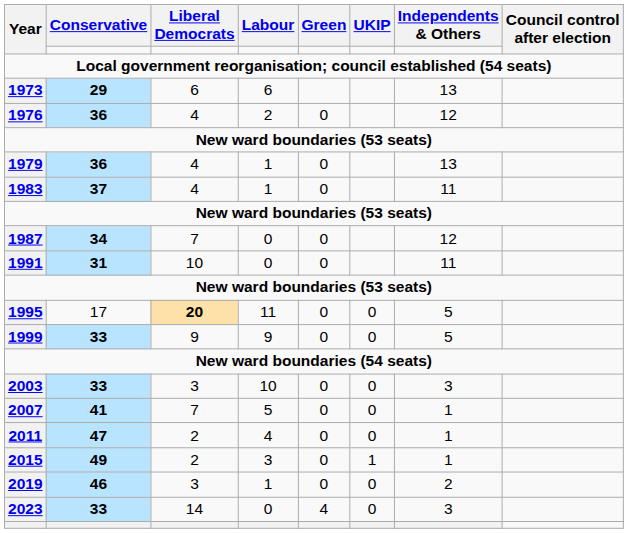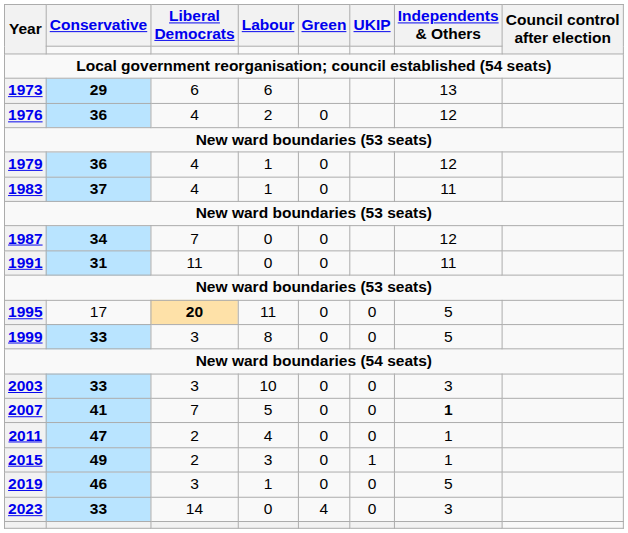 <table class="wikitable plainrowheaders" style="text-align:center">
 <tr>
 <th scope="col" rowspan="2">Year</th>
 <th scope="col"><a href='#'>Conservative</a></th>
 <th scope="col" style="width:1px"><a href='#'>Liberal Democrats</a></th>
 <th scope="col"><a href='#'>Labour</a></th>
 <th scope="col"><a href='#'>Green</a></th>
 <th scope="col"><a href='#'>UKIP</a></th>
 <th scope="col"><a href='#'>Independents</a><br>& Others</th>
 <th scope="col" rowspan="2" colspan="2">Council control<br>after election</th>
 </tr>
 <tr>
 <td style="background:"></td>
 <td style="background:"></td>
 <td style="background:"></td>
 <td style="background:"></td>
 <td style="background:"></td>
 <td style="background:"></td>
 </tr>
 <tr>
 <td colspan="9"><strong>Local government reorganisation; council established (54 seats)</strong></td>
 </tr>
 <tr>
 <th scope="row"><a href='#'>1973</a></th>
 <td style="background:#B9E4FF;"><strong>29</strong></td>
 <td>6</td>
 <td>6</td>
 <td></td>
 <td></td>
 <td>13</td>
 <td></td>
 </tr>
 <tr>
 <th scope="row"><a href='#'>1976</a></th>
 <td style="background:#B9E4FF;"><strong>36</strong></td>
 <td>4</td>
 <td>2</td>
 <td>0</td>
 <td></td>
 <td>12</td>
 <td></td>
 </tr>
 <tr>
 <td colspan="9"><strong>New ward boundaries (53 seats)</strong></td>
 </tr>
 <tr>
 <th scope="row"><a href='#'>1979</a></th>
 <td style="background:#B9E4FF;"><strong>36</strong></td>
 <td>4</td>
 <td>1</td>
 <td>0</td>
 <td></td>
-<td>13</td>
+<td>12</td>
 <td></td>
 </tr>
 <tr>
 <th scope="row"><a href='#'>1983</a></th>
 <td style="background:#B9E4FF;"><strong>37</strong></td>
 <td>4</td>
 <td>1</td>
 <td>0</td>
 <td></td>
 <td>11</td>
 <td></td>
 </tr>
 <tr>
 <td colspan="9"><strong>New ward boundaries (53 seats)</strong></td>
 </tr>
 <tr>
 <th scope="row"><a href='#'>1987</a></th>
 <td style="background:#B9E4FF;"><strong>34</strong></td>
 <td>7</td>
 <td>0</td>
 <td>0</td>
 <td></td>
 <td>12</td>
 <td></td>
 </tr>
 <tr>
 <th scope="row"><a href='#'>1991</a></th>
 <td style="background:#B9E4FF;"><strong>31</strong></td>
-<td>10</td>
+<td>11</td>
 <td>0</td>
 <td>0</td>
 <td></td>
 <td>11</td>
 <td></td>
 </tr>
 <tr>
 <td colspan="9"><strong>New ward boundaries (53 seats)</strong></td>
 </tr>
 <tr>
 <th scope="row"><a href='#'>1995</a></th>
 <td>17</td>
 <td style="background:#FEE1A8"><strong>20</strong></td>
 <td>11</td>
 <td>0</td>
 <td>0</td>
 <td>5</td>
 <td></td>
 </tr>
 <tr>
 <th scope="row"><a href='#'>1999</a></th>
 <td style="background:#B9E4FF;"><strong>33</strong></td>
-<td>9</td>
-<td>9</td>
+<td>3</td>
+<td>8</td>
 <td>0</td>
 <td>0</td>
 <td>5</td>
 <td></td>
 </tr>
 <tr>
 <td colspan="9"><strong>New ward boundaries (54 seats)</strong></td>
 </tr>
 <tr>
 <th scope="row"><a href='#'>2003</a></th>
 <td style="background:#B9E4FF;"><strong>33</strong></td>
 <td>3</td>
 <td>10</td>
 <td>0</td>
 <td>0</td>
 <td>3</td>
 <td></td>
 </tr>
 <tr>
 <th scope="row"><a href='#'>2007</a></th>
 <td style="background:#B9E4FF;"><strong>41</strong></td>
 <td>7</td>
 <td>5</td>
 <td>0</td>
 <td>0</td>
-<td>1</td>
+<td><strong>1</strong></td>
 <td></td>
 </tr>
 <tr>
 <th scope="row"><a href='#'>2011</a></th>
 <td style="background:#B9E4FF;"><strong>47</strong></td>
 <td>2</td>
 <td>4</td>
 <td>0</td>
 <td>0</td>
 <td>1</td>
 <td></td>
 </tr>
 <tr>
 <th scope="row"><a href='#'>2015</a></th>
 <td style="background:#B9E4FF;"><strong>49</strong></td>
 <td>2</td>
 <td>3</td>
 <td>0</td>
 <td>1</td>
 <td>1</td>
 <td></td>
 </tr>
 <tr>
 <th scope="row"><a href='#'>2019</a></th>
 <td style="background:#B9E4FF;"><strong>46</strong></td>
 <td>3</td>
 <td>1</td>
 <td>0</td>
 <td>0</td>
-<td>2</td>
+<td>5</td>
 <td></td>
 </tr>
 <tr>
 <th scope="row"><a href='#'>2023</a></th>
 <td style="background:#B9E4FF;"><strong>33</strong></td>
 <td>14</td>
 <td>0</td>
 <td>4</td>
 <td>0</td>
 <td>3</td>
 <td></td>
 </tr>
 <tr>
 <th></th>
 <th style="background-color: "></th>
 <th style="background-color: "></th>
 <th style="background-color: "></th>
 <th style="background-color: "></th>
 <th style="background-color: "></th>
 <th style="background-color: "></th>
 </tr>
 </table>
